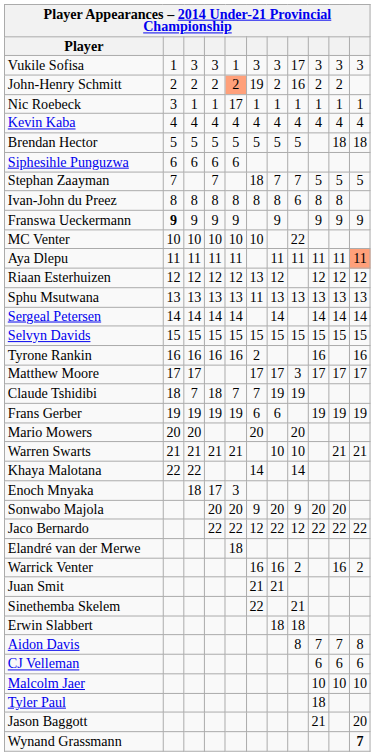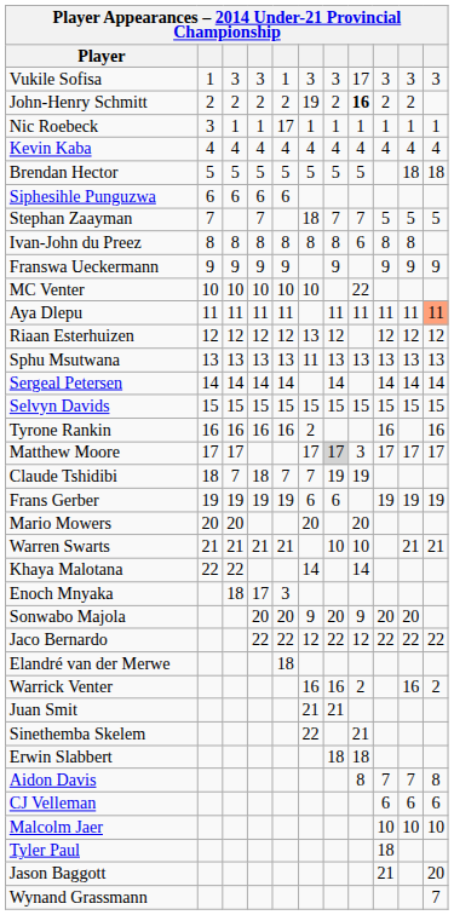 <table class="wikitable sortable"  style="text-align:center; line-height:90%; font-size:90%; width:60%;">
 <tr>
 <th colspan=11>Player Appearances – <a href='#'>2014 Under-21 Provincial Championship</a></th>
 </tr>
 <tr>
 <th style="width:50%;">Player</th>
 <th style="width:5%;"></th>
 <th style="width:5%;"></th>
 <th style="width:5%;"></th>
 <th style="width:5%;"></th>
 <th style="width:5%;"></th>
 <th style="width:5%;"></th>
 <th style="width:5%;"></th>
 <th style="width:5%;"></th>
 <th style="width:5%;"></th>
 <th style="width:5%;"></th>
 </tr>
 <tr>
 <td align=left>Vukile Sofisa</td>
 <td>1</td>
 <td>3</td>
 <td>3</td>
 <td>1</td>
 <td>3</td>
 <td>3</td>
 <td>17 </td>
 <td>3</td>
 <td>3</td>
 <td>3</td>
 </tr>
 <tr>
 <td align=left>John-Henry Schmitt</td>
 <td>2</td>
 <td>2</td>
 <td>2</td>
-<td style="background: lightsalmon;">2</td>
+<td>2</td>
 <td>19 </td>
 <td>2</td>
-<td>16 </td>
+<td><strong>16 </strong></td>
 <td>2</td>
 <td>2</td>
 <td></td>
 </tr>
 <tr>
 <td align=left>Nic Roebeck</td>
 <td>3</td>
 <td>1</td>
 <td>1</td>
 <td>17 </td>
 <td>1</td>
 <td>1</td>
 <td>1</td>
 <td>1</td>
 <td>1</td>
 <td>1</td>
 </tr>
 <tr>
 <td align=left><a href='#'>Kevin Kaba</a></td>
 <td>4</td>
 <td>4</td>
 <td>4</td>
 <td>4</td>
 <td>4</td>
 <td>4</td>
 <td>4</td>
 <td>4</td>
 <td>4</td>
 <td>4</td>
 </tr>
 <tr>
 <td align=left>Brendan Hector</td>
 <td>5</td>
 <td>5</td>
 <td>5</td>
 <td>5</td>
 <td>5</td>
 <td>5</td>
 <td>5</td>
 <td></td>
 <td>18 </td>
 <td>18</td>
 </tr>
 <tr>
 <td align=left><a href='#'>Siphesihle Punguzwa</a></td>
 <td>6</td>
 <td>6</td>
 <td>6</td>
 <td>6</td>
 <td></td>
 <td></td>
 <td></td>
 <td></td>
 <td></td>
 <td></td>
 </tr>
 <tr>
 <td align=left>Stephan Zaayman</td>
 <td>7</td>
 <td></td>
 <td>7</td>
 <td></td>
 <td>18 </td>
 <td>7</td>
 <td>7</td>
 <td>5</td>
 <td>5</td>
 <td>5</td>
 </tr>
 <tr>
 <td align=left>Ivan-John du Preez</td>
 <td>8</td>
 <td>8</td>
 <td>8</td>
 <td>8</td>
 <td>8</td>
 <td>8</td>
 <td>6</td>
 <td>8</td>
 <td>8</td>
 <td></td>
 </tr>
 <tr>
 <td align=left>Franswa Ueckermann</td>
-<td><strong>9</strong></td>
+<td>9</td>
 <td>9</td>
 <td>9</td>
 <td>9</td>
 <td></td>
 <td>9</td>
 <td></td>
 <td>9</td>
 <td>9</td>
 <td>9</td>
 </tr>
 <tr>
 <td align=left>MC Venter</td>
 <td>10</td>
 <td>10</td>
 <td>10</td>
 <td>10</td>
 <td>10</td>
 <td></td>
 <td>22 </td>
 <td></td>
 <td></td>
 <td></td>
 </tr>
 <tr>
 <td align=left>Aya Dlepu</td>
 <td>11</td>
 <td>11</td>
 <td>11</td>
 <td>11</td>
 <td></td>
 <td>11</td>
 <td>11</td>
 <td>11</td>
 <td>11</td>
 <td style="background: lightsalmon;">11</td>
 </tr>
 <tr>
 <td align=left>Riaan Esterhuizen</td>
 <td>12</td>
 <td>12</td>
 <td>12</td>
 <td>12</td>
 <td>13</td>
 <td>12</td>
 <td></td>
 <td>12</td>
 <td>12</td>
 <td>12</td>
 </tr>
 <tr>
 <td align=left>Sphu Msutwana</td>
 <td>13</td>
 <td>13</td>
 <td>13</td>
 <td>13</td>
 <td>11</td>
 <td>13</td>
 <td>13</td>
 <td>13</td>
 <td>13</td>
 <td>13</td>
 </tr>
 <tr>
 <td align=left><a href='#'>Sergeal Petersen</a></td>
 <td>14</td>
 <td>14</td>
 <td>14</td>
 <td>14</td>
 <td></td>
 <td>14</td>
 <td></td>
 <td>14</td>
 <td>14</td>
 <td>14</td>
 </tr>
 <tr>
 <td align=left><a href='#'>Selvyn Davids</a></td>
 <td>15</td>
 <td>15</td>
 <td>15</td>
 <td>15</td>
 <td>15</td>
 <td>15</td>
 <td>15</td>
 <td>15</td>
 <td>15</td>
 <td>15</td>
 </tr>
 <tr>
 <td align=left>Tyrone Rankin</td>
 <td>16 </td>
 <td>16 </td>
 <td>16 </td>
 <td>16 </td>
 <td>2</td>
 <td></td>
 <td></td>
 <td>16</td>
 <td></td>
 <td>16</td>
 </tr>
 <tr>
 <td align=left>Matthew Moore</td>
 <td>17 </td>
 <td>17 </td>
 <td></td>
 <td></td>
 <td>17 </td>
-<td>17 </td>
+<td style="background: lightgrey;">17 </td>
 <td>3</td>
 <td>17</td>
 <td>17 </td>
 <td>17</td>
 </tr>
 <tr>
 <td align=left>Claude Tshidibi</td>
 <td>18 </td>
 <td>7</td>
 <td>18 </td>
 <td>7</td>
 <td>7</td>
 <td>19 </td>
 <td>19 </td>
 <td></td>
 <td></td>
 <td></td>
 </tr>
 <tr>
 <td align=left>Frans Gerber</td>
 <td>19 </td>
 <td>19 </td>
 <td>19 </td>
 <td>19</td>
 <td>6</td>
 <td>6</td>
 <td></td>
 <td>19 </td>
 <td>19 </td>
 <td>19</td>
 </tr>
 <tr>
 <td align=left>Mario Mowers</td>
 <td>20 </td>
 <td>20 </td>
 <td></td>
 <td></td>
 <td>20 </td>
 <td></td>
 <td>20 </td>
 <td></td>
 <td></td>
 <td></td>
 </tr>
 <tr>
 <td align=left>Warren Swarts</td>
 <td>21 </td>
 <td>21 </td>
 <td>21 </td>
 <td>21 </td>
 <td></td>
 <td>10</td>
 <td>10</td>
 <td></td>
 <td>21 </td>
 <td>21</td>
 </tr>
 <tr>
 <td align=left>Khaya Malotana</td>
 <td>22 </td>
 <td>22 </td>
 <td></td>
 <td></td>
 <td>14</td>
 <td></td>
 <td>14</td>
 <td></td>
 <td></td>
 <td></td>
 </tr>
 <tr>
 <td align=left>Enoch Mnyaka</td>
 <td></td>
 <td>18 </td>
 <td>17 </td>
 <td>3</td>
 <td></td>
 <td></td>
 <td></td>
 <td></td>
 <td></td>
 <td></td>
 </tr>
 <tr>
 <td align=left>Sonwabo Majola</td>
 <td></td>
 <td></td>
 <td>20 </td>
 <td>20 </td>
 <td>9</td>
 <td>20</td>
 <td>9</td>
 <td>20</td>
 <td>20 </td>
 <td></td>
 </tr>
 <tr>
 <td align=left>Jaco Bernardo</td>
 <td></td>
 <td></td>
 <td>22 </td>
 <td>22 </td>
 <td>12</td>
 <td>22</td>
 <td>12</td>
 <td>22 </td>
 <td>22 </td>
 <td>22</td>
 </tr>
 <tr>
 <td align=left>Elandré van der Merwe</td>
 <td></td>
 <td></td>
 <td></td>
 <td>18 </td>
 <td></td>
 <td></td>
 <td></td>
 <td></td>
 <td></td>
 <td></td>
 </tr>
 <tr>
 <td align=left>Warrick Venter</td>
 <td></td>
 <td></td>
 <td></td>
 <td></td>
 <td>16 </td>
 <td>16 </td>
 <td>2</td>
 <td></td>
 <td>16 </td>
 <td>2</td>
 </tr>
 <tr>
 <td align=left>Juan Smit</td>
 <td></td>
 <td></td>
 <td></td>
 <td></td>
 <td>21 </td>
 <td>21 </td>
 <td></td>
 <td></td>
 <td></td>
 <td></td>
 </tr>
 <tr>
 <td align=left>Sinethemba Skelem</td>
 <td></td>
 <td></td>
 <td></td>
 <td></td>
 <td>22 </td>
 <td></td>
 <td>21 </td>
 <td></td>
 <td></td>
 <td></td>
 </tr>
 <tr>
 <td align=left>Erwin Slabbert</td>
 <td></td>
 <td></td>
 <td></td>
 <td></td>
 <td></td>
 <td>18 </td>
 <td>18 </td>
 <td></td>
 <td></td>
 <td></td>
 </tr>
 <tr>
 <td align=left><a href='#'>Aidon Davis</a></td>
 <td></td>
 <td></td>
 <td></td>
 <td></td>
 <td></td>
 <td></td>
 <td>8</td>
 <td>7</td>
 <td>7</td>
 <td>8</td>
 </tr>
 <tr>
 <td align=left><a href='#'>CJ Velleman</a></td>
 <td></td>
 <td></td>
 <td></td>
 <td></td>
 <td></td>
 <td></td>
 <td></td>
 <td>6</td>
 <td>6</td>
 <td>6</td>
 </tr>
 <tr>
 <td align=left><a href='#'>Malcolm Jaer</a></td>
 <td></td>
 <td></td>
 <td></td>
 <td></td>
 <td></td>
 <td></td>
 <td></td>
 <td>10</td>
 <td>10</td>
 <td>10</td>
 </tr>
 <tr>
 <td align=left><a href='#'>Tyler Paul</a></td>
 <td></td>
 <td></td>
 <td></td>
 <td></td>
 <td></td>
 <td></td>
 <td></td>
 <td>18 </td>
 <td></td>
 <td></td>
 </tr>
 <tr>
 <td align=left>Jason Baggott</td>
 <td></td>
 <td></td>
 <td></td>
 <td></td>
 <td></td>
 <td></td>
 <td></td>
 <td>21</td>
 <td></td>
 <td>20</td>
 </tr>
 <tr>
 <td align=left>Wynand Grassmann</td>
 <td></td>
 <td></td>
 <td></td>
 <td></td>
 <td></td>
 <td></td>
 <td></td>
 <td></td>
 <td></td>
-<td><strong>7</strong></td>
+<td>7</td>
 </tr>
 </table>
